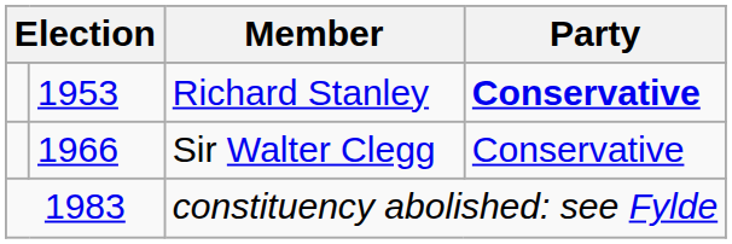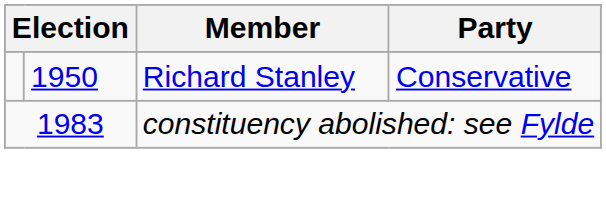 <table class="wikitable">
 <tr>
 <th colspan="2">Election</th>
 <th>Member</th>
 <th>Party</th>
 </tr>
 <tr>
 <td style="color:inherit;background-color: "></td>
-<td><a href='#'>1953</a></td>
+<td><a href='#'>1950</a></td>
 <td><a href='#'>Richard Stanley</a></td>
-<td><strong><a href='#'>Conservative</a></strong></td>
-</tr>
-<tr>
-<td style="color:inherit;background-color: "></td>
-<td><a href='#'>1966</a></td>
-<td>Sir <a href='#'>Walter Clegg</a></td>
 <td><a href='#'>Conservative</a></td>
 </tr>
 <tr>
 <td colspan="2" align="center"><a href='#'>1983</a></td>
 <td colspan="2"><em>constituency abolished: see <a href='#'>Fylde</a></em></td>
 </tr>
 </table>
